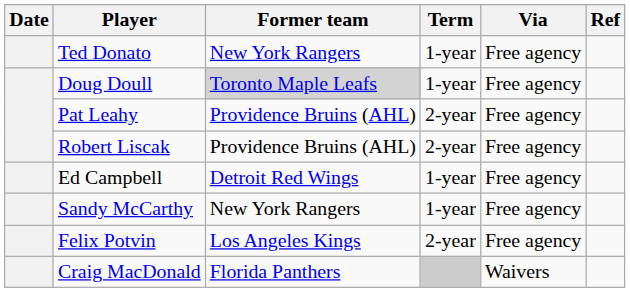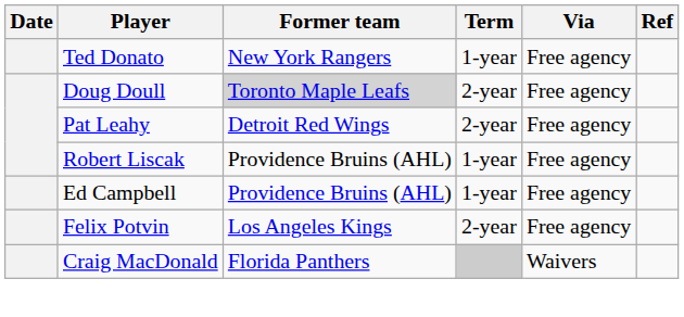 <table class="wikitable plainrowheaders">
 <tr style="background:#ddd; text-align:center;">
 <th>Date</th>
 <th>Player</th>
 <th>Former team</th>
 <th>Term</th>
 <th>Via</th>
 <th>Ref</th>
 </tr>
 <tr>
 <th scope="row"></th>
 <td><a href='#'>Ted Donato</a></td>
 <td><a href='#'>New York Rangers</a></td>
 <td>1-year</td>
 <td>Free agency</td>
 <td></td>
 </tr>
 <tr>
 <th scope="row" rowspan=3></th>
 <td><a href='#'>Doug Doull</a></td>
 <td style="background: lightgrey;"><a href='#'>Toronto Maple Leafs</a></td>
-<td>1-year</td>
+<td>2-year</td>
 <td>Free agency</td>
 <td></td>
 </tr>
 <tr>
 <td><a href='#'>Pat Leahy</a></td>
-<td><a href='#'>Providence Bruins</a> (<a href='#'>AHL</a>)</td>
+<td><a href='#'>Detroit Red Wings</a></td>
 <td>2-year</td>
 <td>Free agency</td>
 <td></td>
 </tr>
 <tr>
 <td><a href='#'>Robert Liscak</a></td>
 <td>Providence Bruins (AHL)</td>
-<td>2-year</td>
+<td>1-year</td>
 <td>Free agency</td>
 <td></td>
 </tr>
 <tr>
 <th scope="row"></th>
 <td>Ed Campbell</td>
-<td><a href='#'>Detroit Red Wings</a></td>
-<td>1-year</td>
-<td>Free agency</td>
-<td></td>
-</tr>
-<tr>
-<th scope="row"></th>
-<td><a href='#'>Sandy McCarthy</a></td>
-<td>New York Rangers</td>
+<td><a href='#'>Providence Bruins</a> (<a href='#'>AHL</a>)</td>
 <td>1-year</td>
 <td>Free agency</td>
 <td></td>
 </tr>
 <tr>
 <th scope="row"></th>
 <td><a href='#'>Felix Potvin</a></td>
 <td><a href='#'>Los Angeles Kings</a></td>
 <td>2-year</td>
 <td>Free agency</td>
 <td></td>
 </tr>
 <tr>
 <th scope="row"></th>
 <td><a href='#'>Craig MacDonald</a></td>
 <td><a href='#'>Florida Panthers</a></td>
 <td style="background:#ccc"></td>
 <td>Waivers</td>
 <td></td>
 </tr>
 </table>
